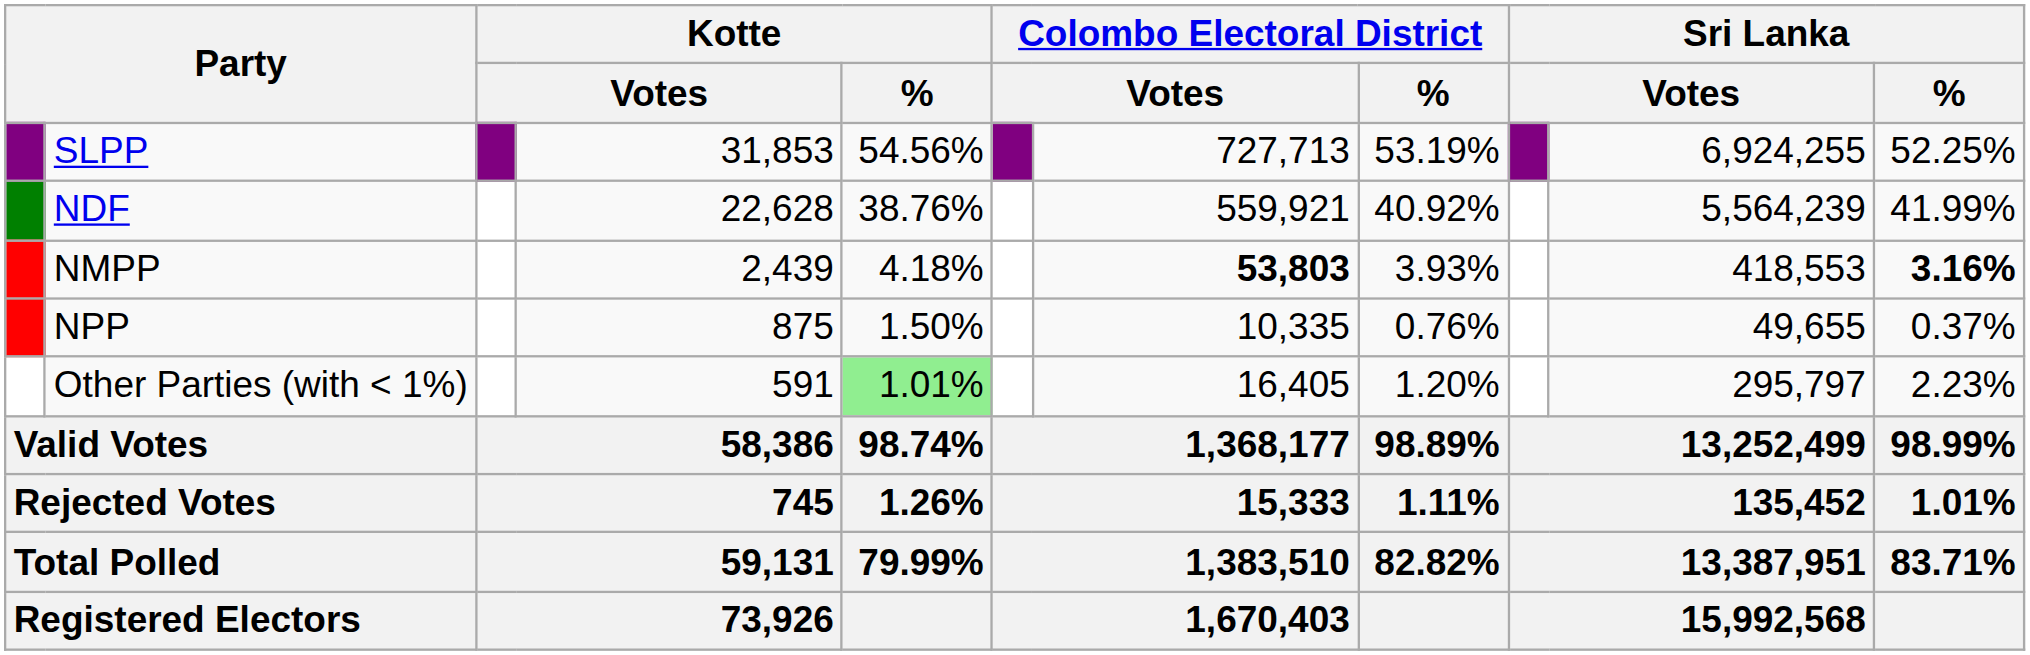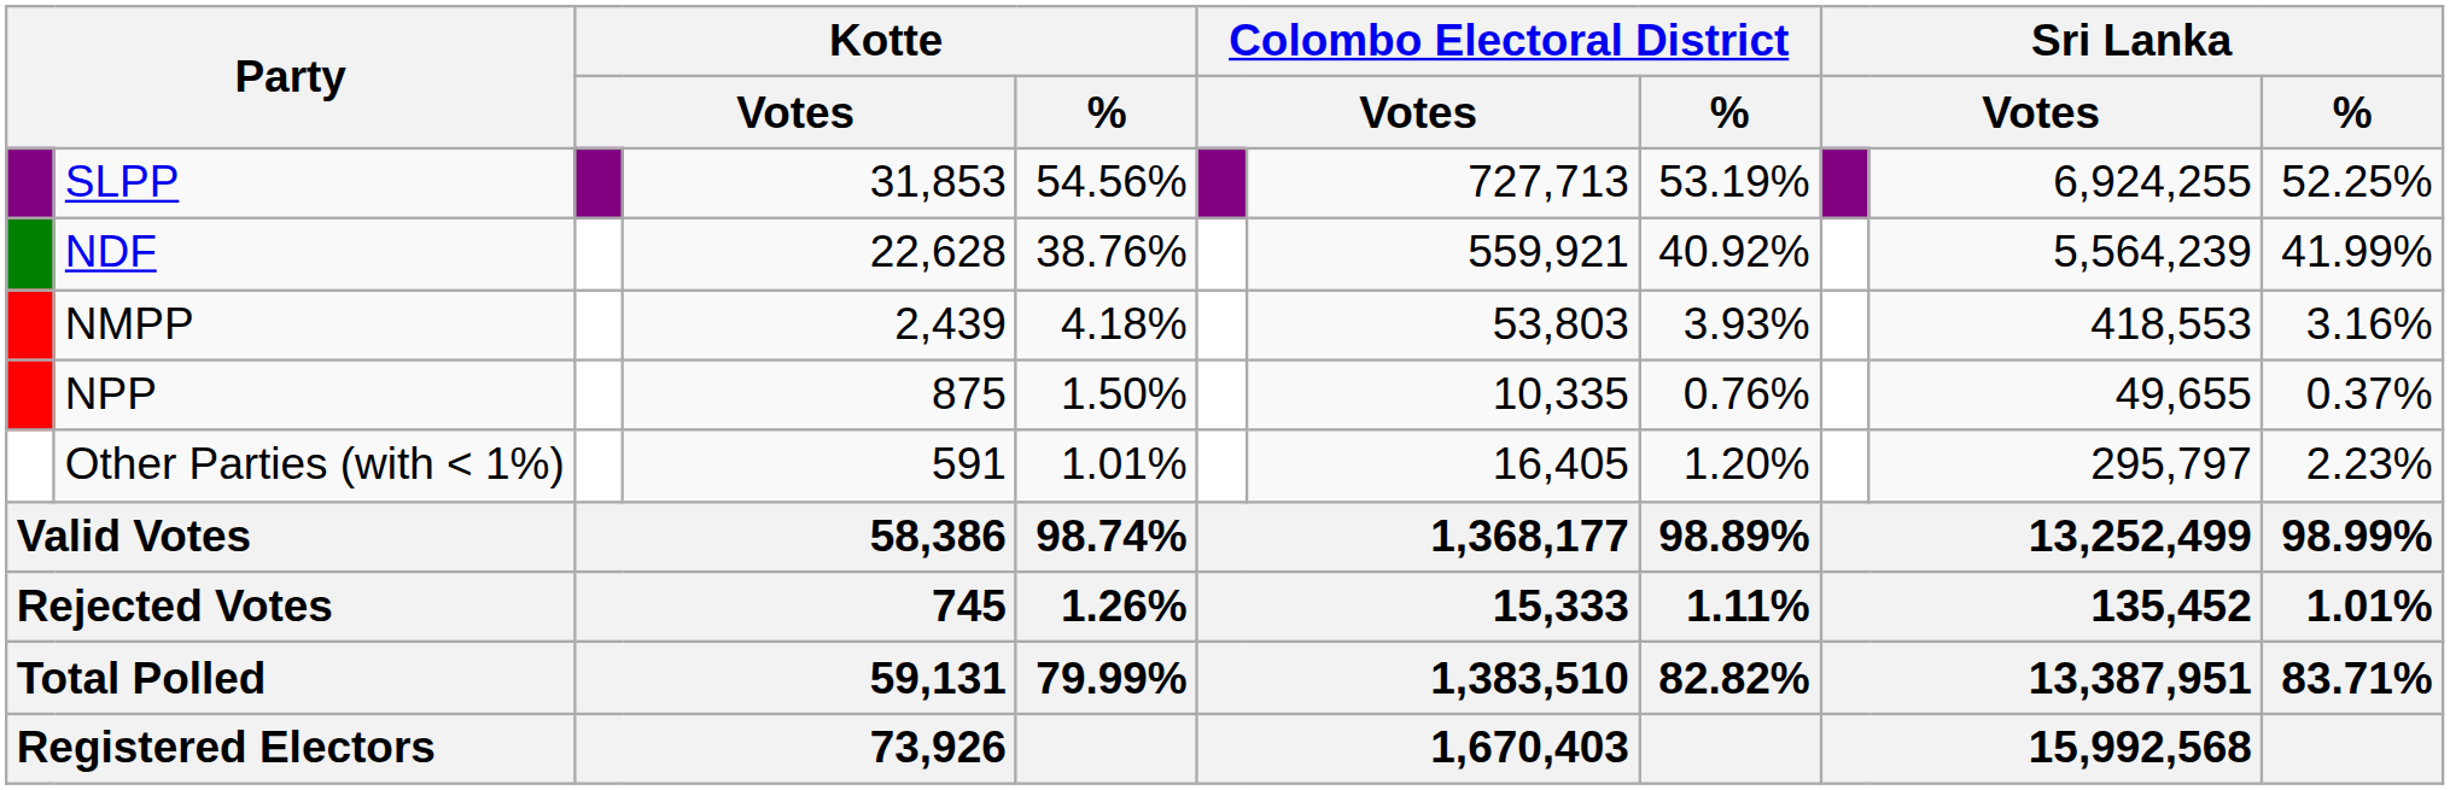 <table class="wikitable">
 <tr>
 <th colspan="2" width="144px"rowspan="2">Party</th>
 <th colspan="3" width="216px">Kotte</th>
 <th colspan="3" width="216px"><a href='#'>Colombo Electoral District</a></th>
 <th colspan="3" width="216px">Sri Lanka</th>
 </tr>
 <tr>
 <th colspan="2" width="144px">Votes</th>
 <th>%</th>
 <th colspan="2" width="144px">Votes</th>
 <th>%</th>
 <th colspan="2" width="144px">Votes</th>
 <th>%</th>
 </tr>
 <tr>
 <td style="background-color:purple;" width="10px"></td>
 <td style="text-align:left;"><a href='#'>SLPP</a></td>
 <td style="background-color:purple;" width="10px"></td>
 <td style="text-align:right;">31,853</td>
 <td style="text-align:right;">54.56%</td>
 <td style="background-color:purple;" width="10px"></td>
 <td style="text-align:right;">727,713</td>
 <td style="text-align:right;">53.19%</td>
 <td style="background-color:purple;" width="10px"></td>
 <td style="text-align:right;">6,924,255</td>
 <td style="text-align:right;">52.25%</td>
 </tr>
 <tr>
 <td style="background-color:green;" width="10px"></td>
 <td style="text-align:left;"><a href='#'>NDF</a></td>
 <td style="background-color:white;" width="10px"></td>
 <td style="text-align:right;">22,628</td>
 <td style="text-align:right;">38.76%</td>
 <td style="background-color:white;" width="10px"></td>
 <td style="text-align:right;">559,921</td>
 <td style="text-align:right;">40.92%</td>
 <td style="background-color:white;" width="10px"></td>
 <td style="text-align:right;">5,564,239</td>
 <td style="text-align:right;">41.99%</td>
 </tr>
 <tr>
 <td style="background-color:red;" width="10px"></td>
 <td style="text-align:left;">NMPP</td>
 <td style="background-color:white;" width="10px"></td>
 <td style="text-align:right;">2,439</td>
 <td style="text-align:right;">4.18%</td>
 <td style="background-color:white;" width="10px"></td>
-<td style="text-align:right;"><strong>53,803</strong></td>
+<td style="text-align:right;">53,803</td>
 <td style="text-align:right;">3.93%</td>
 <td style="background-color:white;" width="10px"></td>
 <td style="text-align:right;">418,553</td>
-<td style="text-align:right;"><strong>3.16%</strong></td>
+<td style="text-align:right;">3.16%</td>
 </tr>
 <tr>
 <td style="background-color:red;" width="10px"></td>
 <td style="text-align:left;">NPP</td>
 <td style="background-color:white;" width="10px"></td>
 <td style="text-align:right;">875</td>
 <td style="text-align:right;">1.50%</td>
 <td style="background-color:white;" width="10px"></td>
 <td style="text-align:right;">10,335</td>
 <td style="text-align:right;">0.76%</td>
 <td style="background-color:white;" width="10px"></td>
 <td style="text-align:right;">49,655</td>
 <td style="text-align:right;">0.37%</td>
 </tr>
 <tr>
 <td style="background-color:white;" width="10px"></td>
 <td style="text-align:left;">Other Parties (with < 1%)</td>
 <td style="background-color:white;" width="10px"></td>
 <td style="text-align:right;">591</td>
-<td style="background: lightgreen; text-align:right;">1.01%</td>
+<td style="text-align:right;">1.01%</td>
 <td style="background-color:white;" width="10px"></td>
 <td style="text-align:right;">16,405</td>
 <td style="text-align:right;">1.20%</td>
 <td style="background-color:white;" width="10px"></td>
 <td style="text-align:right;">295,797</td>
 <td style="text-align:right;">2.23%</td>
 </tr>
 <tr>
 <th colspan="2" width="144px"style="text-align:left;">Valid Votes</th>
 <th style="text-align:right;"colspan="2" width="144px">58,386</th>
 <th style="text-align:right;">98.74%</th>
 <th style="text-align:right;"colspan="2" width="144px">1,368,177</th>
 <th style="text-align:right;">98.89%</th>
 <th style="text-align:right;"colspan="2" width="144px">13,252,499</th>
 <th style="text-align:right;">98.99%</th>
 </tr>
 <tr>
 <th colspan="2" width="144px"style="text-align:left;">Rejected Votes</th>
 <th style="text-align:right;"colspan="2" width="144px">745</th>
 <th style="text-align:right;">1.26%</th>
 <th style="text-align:right;"colspan="2" width="144px">15,333</th>
 <th style="text-align:right;">1.11%</th>
 <th style="text-align:right;"colspan="2" width="144px">135,452</th>
 <th style="text-align:right;">1.01%</th>
 </tr>
 <tr>
 <th colspan="2" width="144px"style="text-align:left;">Total Polled</th>
 <th style="text-align:right;"colspan="2" width="144px">59,131</th>
 <th style="text-align:right;">79.99%</th>
 <th style="text-align:right;"colspan="2" width="144px">1,383,510</th>
 <th style="text-align:right;">82.82%</th>
 <th style="text-align:right;"colspan="2" width="144px">13,387,951</th>
 <th style="text-align:right;">83.71%</th>
 </tr>
 <tr>
 <th colspan="2" width="144px"style="text-align:left;">Registered Electors</th>
 <th style="text-align:right;"colspan="2" width="144px">73,926</th>
 <th></th>
 <th style="text-align:right;"colspan="2" width="144px">1,670,403</th>
 <th></th>
 <th style="text-align:right;"colspan="2" width="144px">15,992,568</th>
 <th></th>
 </tr>
 </table>
